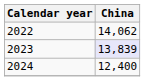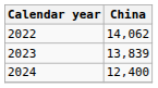 <table class="wikitable">
 <tr>
 <th>Calendar year</th>
 <th>China</th>
 </tr>
 <tr>
 <td>2022</td>
 <td>14,062</td>
 </tr>
 <tr>
 <td>2023</td>
-<td style="background: lavender;">13,839</td>
+<td>13,839</td>
 </tr>
 <tr>
 <td>2024</td>
 <td>12,400</td>
 </tr>
 <tr>
 </tr>
 </table>
